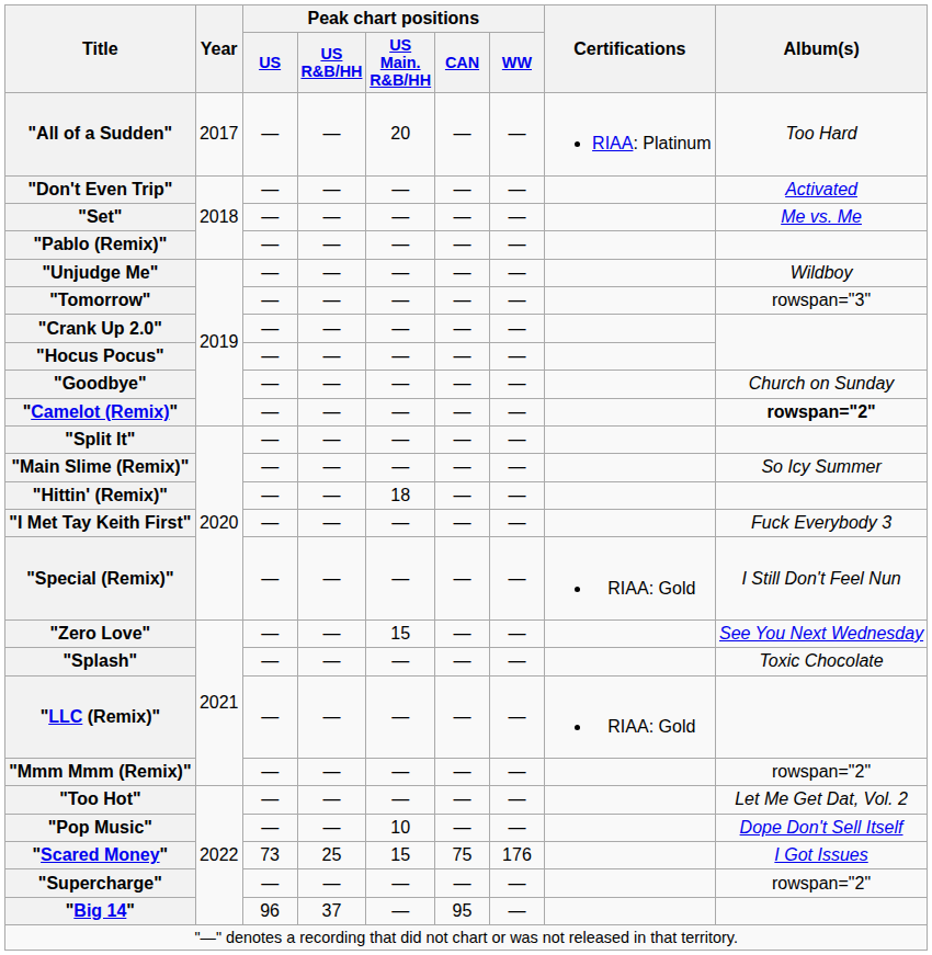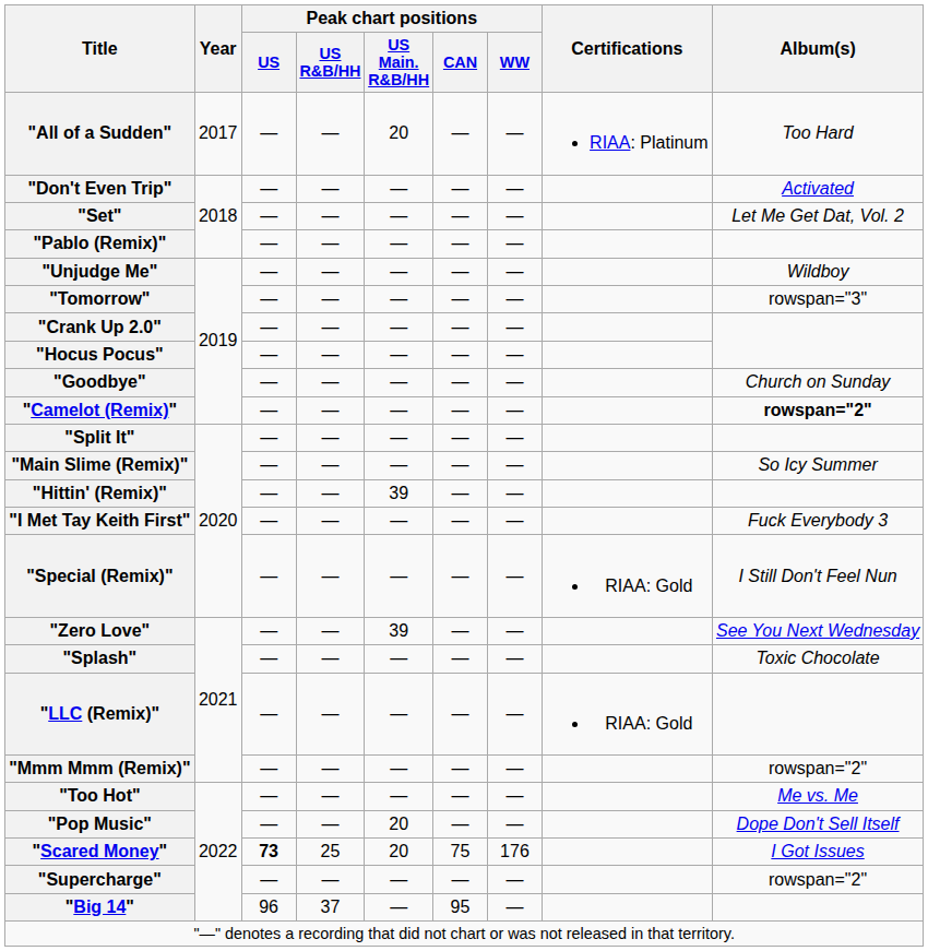 <table class="wikitable plainrowheaders" style="text-align:center">
 <tr>
 <th rowspan="2">Title</th>
 <th rowspan="2">Year</th>
 <th colspan="5">Peak chart positions</th>
 <th rowspan="2">Certifications</th>
 <th rowspan="2">Album(s)</th>
 </tr>
 <tr>
 <th scope="col" style="width:3em;font-size:90%;"><a href='#'>US</a><br></th>
 <th scope="col" style="width:3em;font-size:90%;"><a href='#'>US<br>R&B/HH</a><br></th>
 <th scope="col" style="width:3em;font-size:90%;"><a href='#'>US<br>Main.<br>R&B/HH</a><br></th>
 <th scope="col" style="width:3em;font-size:90%;"><a href='#'>CAN</a><br></th>
 <th scope="col" style="width:3em;font-size:90%;"><a href='#'>WW</a><br></th>
 </tr>
 <tr>
 <th scope="row">"All of a Sudden"<br></th>
 <td>2017</td>
 <td>—</td>
 <td>—</td>
 <td>20</td>
 <td>—</td>
 <td>—</td>
 <td><br><ul><li><a href='#'>RIAA</a>: Platinum</li></ul></td>
 <td><em>Too Hard</em></td>
 </tr>
 <tr>
 <th scope="row">"Don't Even Trip"<br></th>
 <td rowspan="3">2018</td>
 <td>—</td>
 <td>—</td>
 <td>—</td>
 <td>—</td>
 <td>—</td>
 <td></td>
 <td><em><a href='#'>Activated</a></em></td>
 </tr>
 <tr>
 <th scope="row">"Set"<br></th>
 <td>—</td>
 <td>—</td>
 <td>—</td>
 <td>—</td>
 <td>—</td>
 <td></td>
-<td><em><a href='#'>Me vs. Me</a></em></td>
+<td><em>Let Me Get Dat, Vol. 2</em></td>
 </tr>
 <tr>
 <th scope="row">"Pablo (Remix)"<br></th>
 <td>—</td>
 <td>—</td>
 <td>—</td>
 <td>—</td>
 <td>—</td>
 <td></td>
 <td></td>
 </tr>
 <tr>
 <th scope="row">"Unjudge Me"<br></th>
 <td rowspan="6">2019</td>
 <td>—</td>
 <td>—</td>
 <td>—</td>
 <td>—</td>
 <td>—</td>
 <td></td>
 <td><em>Wildboy</em></td>
 </tr>
 <tr>
 <th scope="row">"Tomorrow"<br></th>
 <td>—</td>
 <td>—</td>
 <td>—</td>
 <td>—</td>
 <td>—</td>
 <td></td>
 <td>rowspan="3" </td>
 </tr>
 <tr>
 <th scope="row">"Crank Up 2.0"<br></th>
 <td>—</td>
 <td>—</td>
 <td>—</td>
 <td>—</td>
 <td>—</td>
 <td></td>
 </tr>
 <tr>
 <th scope="row">"Hocus Pocus"<br></th>
 <td>—</td>
 <td>—</td>
 <td>—</td>
 <td>—</td>
 <td>—</td>
 <td></td>
 </tr>
 <tr>
 <th scope="row">"Goodbye"<br></th>
 <td>—</td>
 <td>—</td>
 <td>—</td>
 <td>—</td>
 <td>—</td>
 <td></td>
 <td><em>Church on Sunday</em></td>
 </tr>
 <tr>
 <th scope="row">"<a href='#'>Camelot (Remix)</a>"<br></th>
 <td>—</td>
 <td>—</td>
 <td>—</td>
 <td>—</td>
 <td>—</td>
 <td></td>
 <td><strong>rowspan="2" </strong></td>
 </tr>
 <tr>
 <th scope="row">"Split It"<br></th>
 <td rowspan="5">2020</td>
 <td>—</td>
 <td>—</td>
 <td>—</td>
 <td>—</td>
 <td>—</td>
 <td></td>
 </tr>
 <tr>
 <th scope="row">"Main Slime (Remix)"<br></th>
 <td>—</td>
 <td>—</td>
 <td>—</td>
 <td>—</td>
 <td>—</td>
 <td></td>
 <td><em>So Icy Summer</em></td>
 </tr>
 <tr>
 <th scope="row">"Hittin' (Remix)"<br></th>
 <td>—</td>
 <td>—</td>
-<td>18</td>
+<td>39</td>
 <td>—</td>
 <td>—</td>
 <td></td>
 <td></td>
 </tr>
 <tr>
 <th scope="row">"I Met Tay Keith First"<br></th>
 <td>—</td>
 <td>—</td>
 <td>—</td>
 <td>—</td>
 <td>—</td>
 <td></td>
 <td><em>Fuck Everybody 3</em></td>
 </tr>
 <tr>
 <th scope="row">"Special (Remix)"<br></th>
 <td>—</td>
 <td>—</td>
 <td>—</td>
 <td>—</td>
 <td>—</td>
 <td><br><ul><li>RIAA: Gold</li></ul></td>
 <td><em>I Still Don't Feel Nun</em></td>
 </tr>
 <tr>
 <th scope="row">"Zero Love"<br></th>
 <td rowspan="4">2021</td>
 <td>—</td>
 <td>—</td>
-<td>15</td>
+<td>39</td>
 <td>—</td>
 <td>—</td>
 <td></td>
 <td><em><a href='#'>See You Next Wednesday</a></em></td>
 </tr>
 <tr>
 <th scope="row">"Splash"<br></th>
 <td>—</td>
 <td>—</td>
 <td>—</td>
 <td>—</td>
 <td>—</td>
 <td></td>
 <td><em>Toxic Chocolate</em></td>
 </tr>
 <tr>
 <th scope="row">"<a href='#'>LLC</a> (Remix)"<br></th>
 <td>—</td>
 <td>—</td>
 <td>—</td>
 <td>—</td>
 <td>—</td>
 <td><br><ul><li>RIAA: Gold</li></ul></td>
 </tr>
 <tr>
 <th scope="row">"Mmm Mmm (Remix)"<br></th>
 <td>—</td>
 <td>—</td>
 <td>—</td>
 <td>—</td>
 <td>—</td>
 <td></td>
 <td>rowspan="2" </td>
 </tr>
 <tr>
 <th scope="row">"Too Hot"<br></th>
 <td rowspan="5">2022</td>
 <td>—</td>
 <td>—</td>
 <td>—</td>
 <td>—</td>
 <td>—</td>
 <td></td>
-<td><em>Let Me Get Dat, Vol. 2</em></td>
+<td><em><a href='#'>Me vs. Me</a></em></td>
 </tr>
 <tr>
 <th scope="row">"Pop Music"<br></th>
 <td>—</td>
 <td>—</td>
-<td>10</td>
+<td>20</td>
 <td>—</td>
 <td>—</td>
 <td></td>
 <td><em><a href='#'>Dope Don't Sell Itself</a></em></td>
 </tr>
 <tr>
 <th scope="row">"<a href='#'>Scared Money</a>"<br></th>
-<td>73</td>
+<td><strong>73</strong></td>
 <td>25</td>
-<td>15</td>
+<td>20</td>
 <td>75</td>
 <td>176</td>
 <td></td>
 <td><em><a href='#'>I Got Issues</a></em></td>
 </tr>
 <tr>
 <th scope="row">"Supercharge"<br></th>
 <td>—</td>
 <td>—</td>
 <td>—</td>
 <td>—</td>
 <td>—</td>
 <td></td>
 <td>rowspan="2" </td>
 </tr>
 <tr>
 <th scope="row">"<a href='#'>Big 14</a>"<br></th>
 <td>96</td>
 <td>37</td>
 <td>—</td>
 <td>95</td>
 <td>—</td>
 <td></td>
 </tr>
 <tr>
 <td colspan="9" style="font-size:90%">"—" denotes a recording that did not chart or was not released in that territory.</td>
 </tr>
 </table>
